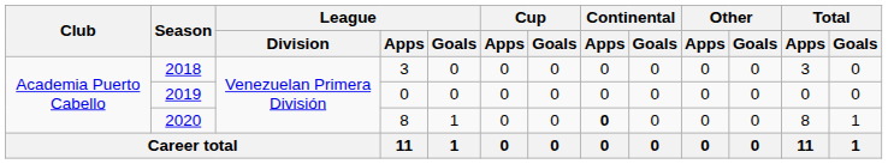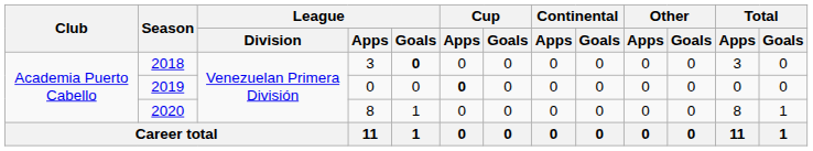 <table class="wikitable" style="text-align: center">
 <tr>
 <th rowspan="2">Club</th>
 <th rowspan="2">Season</th>
 <th colspan="3">League</th>
 <th colspan="2">Cup</th>
 <th colspan="2">Continental</th>
 <th colspan="2">Other</th>
 <th colspan="2">Total</th>
 </tr>
 <tr>
 <th>Division</th>
 <th>Apps</th>
 <th>Goals</th>
 <th>Apps</th>
 <th>Goals</th>
 <th>Apps</th>
 <th>Goals</th>
 <th>Apps</th>
 <th>Goals</th>
 <th>Apps</th>
 <th>Goals</th>
 </tr>
 <tr>
 <td rowspan="3"><a href='#'>Academia Puerto Cabello</a></td>
 <td><a href='#'>2018</a></td>
 <td rowspan="3"><a href='#'>Venezuelan Primera División</a></td>
 <td>3</td>
-<td>0</td>
+<td><strong>0</strong></td>
 <td>0</td>
 <td>0</td>
 <td>0</td>
 <td>0</td>
 <td>0</td>
 <td>0</td>
 <td>3</td>
 <td>0</td>
 </tr>
 <tr>
 <td><a href='#'>2019</a></td>
 <td>0</td>
 <td>0</td>
-<td>0</td>
+<td><strong>0</strong></td>
 <td>0</td>
 <td>0</td>
 <td>0</td>
 <td>0</td>
 <td>0</td>
 <td>0</td>
 <td>0</td>
 </tr>
 <tr>
 <td><a href='#'>2020</a></td>
 <td>8</td>
 <td>1</td>
 <td>0</td>
 <td>0</td>
-<td><strong>0</strong></td>
+<td>0</td>
 <td>0</td>
 <td>0</td>
 <td>0</td>
 <td>8</td>
 <td>1</td>
 </tr>
 <tr>
 <th colspan="3"><strong>Career total</strong></th>
 <th>11</th>
 <th>1</th>
 <th>0</th>
 <th>0</th>
 <th>0</th>
 <th>0</th>
 <th>0</th>
 <th>0</th>
 <th>11</th>
 <th>1</th>
 </tr>
 </table>
